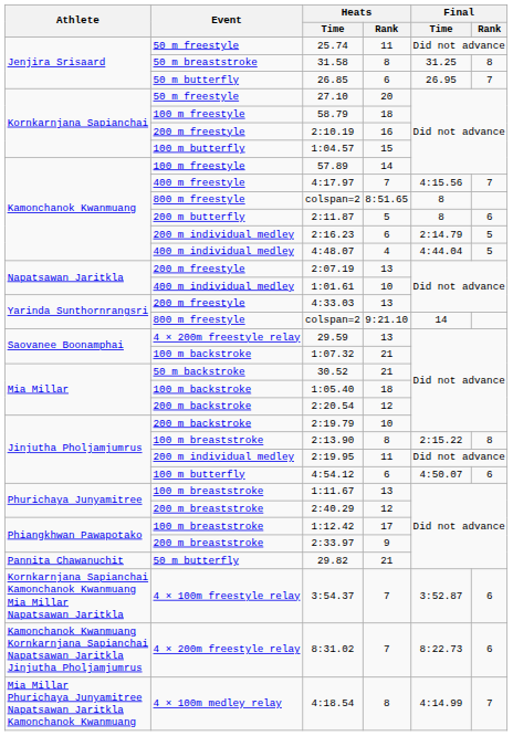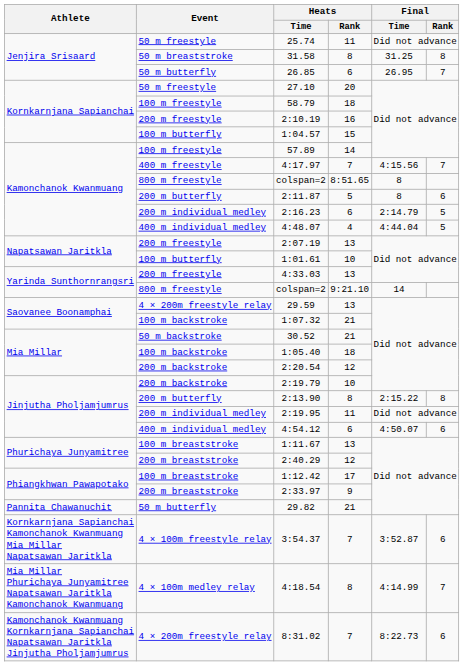 <table class="wikitable" style="font-size:90%;text-align:center">
 <tr>
 <th rowspan="2">Athlete</th>
 <th rowspan="2">Event</th>
 <th colspan="2">Heats</th>
 <th colspan="2">Final</th>
 </tr>
 <tr style="font-size:95%">
 <th>Time</th>
 <th>Rank</th>
 <th>Time</th>
 <th>Rank</th>
 </tr>
 <tr>
 <td align="left" rowspan=3><a href='#'>Jenjira Srisaard</a></td>
 <td align="left"><a href='#'>50 m freestyle</a></td>
 <td>25.74</td>
 <td>11</td>
 <td colspan=2>Did not advance</td>
 </tr>
 <tr>
 <td align="left"><a href='#'>50 m breaststroke</a></td>
 <td>31.58</td>
 <td>8  <strong></strong></td>
 <td>31.25</td>
 <td>8</td>
 </tr>
 <tr>
 <td align="left"><a href='#'>50 m butterfly</a></td>
 <td>26.85</td>
 <td>6  <strong></strong></td>
 <td>26.95</td>
 <td>7</td>
 </tr>
 <tr>
 <td align="left" rowspan=4><a href='#'>Kornkarnjana Sapianchai</a></td>
 <td align="left"><a href='#'>50 m freestyle</a></td>
 <td>27.10</td>
 <td>20</td>
 <td rowspan=5 colspan=2>Did not advance</td>
 </tr>
 <tr>
 <td align="left"><a href='#'>100 m freestyle</a></td>
 <td>58.79</td>
 <td>18</td>
 </tr>
 <tr>
 <td align="left"><a href='#'>200 m freestyle</a></td>
 <td>2:10.19</td>
 <td>16</td>
 </tr>
 <tr>
 <td align="left"><a href='#'>100 m butterfly</a></td>
 <td>1:04.57</td>
 <td>15</td>
 </tr>
 <tr>
 <td align="left" rowspan=6><a href='#'>Kamonchanok Kwanmuang</a></td>
 <td align="left"><a href='#'>100 m freestyle</a></td>
 <td>57.89</td>
 <td>14</td>
 </tr>
 <tr>
 <td align="left"><a href='#'>400 m freestyle</a></td>
 <td>4:17.97</td>
 <td>7 <strong></strong></td>
 <td>4:15.56</td>
 <td>7</td>
 </tr>
 <tr>
 <td align="left"><a href='#'>800 m freestyle</a></td>
 <td>colspan=2 </td>
 <td>8:51.65</td>
 <td>8</td>
 </tr>
 <tr>
 <td align="left"><a href='#'>200 m butterfly</a></td>
 <td>2:11.87</td>
 <td>5 <strong></strong></td>
 <td>8</td>
 <td>6</td>
 </tr>
 <tr>
 <td align="left"><a href='#'>200 m individual medley</a></td>
 <td>2:16.23</td>
 <td>6 <strong></strong></td>
 <td>2:14.79</td>
 <td>5</td>
 </tr>
 <tr>
 <td align="left"><a href='#'>400 m individual medley</a></td>
 <td>4:48.07</td>
 <td>4 <strong></strong></td>
 <td>4:44.04</td>
 <td>5</td>
 </tr>
 <tr>
 <td align="left" rowspan=2><a href='#'>Napatsawan Jaritkla</a></td>
 <td align="left"><a href='#'>200 m freestyle</a></td>
 <td>2:07.19</td>
 <td>13</td>
 <td rowspan=3 colspan=2>Did not advance</td>
 </tr>
 <tr>
-<td align="left"><a href='#'>400 m individual medley</a></td>
+<td align="left"><a href='#'>100 m butterfly</a></td>
 <td>1:01.61</td>
 <td>10</td>
 </tr>
 <tr>
 <td align="left" rowspan=2><a href='#'>Yarinda Sunthornrangsri</a></td>
 <td align="left"><a href='#'>200 m freestyle</a></td>
 <td>4:33.03</td>
 <td>13</td>
 </tr>
 <tr>
 <td align="left"><a href='#'>800 m freestyle</a></td>
 <td>colspan=2 </td>
 <td>9:21.10</td>
 <td>14</td>
 </tr>
 <tr>
 <td align="left" rowspan=2><a href='#'>Saovanee Boonamphai</a></td>
 <td align="left"><a href='#'>4 × 200m freestyle relay</a></td>
 <td>29.59</td>
 <td>13</td>
 <td rowspan=6 colspan=2>Did not advance</td>
 </tr>
 <tr>
 <td align="left"><a href='#'>100 m backstroke</a></td>
 <td>1:07.32</td>
 <td>21</td>
 </tr>
 <tr>
 <td align="left" rowspan=3><a href='#'>Mia Millar</a></td>
 <td align="left"><a href='#'>50 m backstroke</a></td>
 <td>30.52</td>
 <td>21</td>
 </tr>
 <tr>
 <td align="left"><a href='#'>100 m backstroke</a></td>
 <td>1:05.40</td>
 <td>18</td>
 </tr>
 <tr>
 <td align="left"><a href='#'>200 m backstroke</a></td>
 <td>2:20.54</td>
 <td>12</td>
 </tr>
 <tr>
 <td align="left" rowspan=4><a href='#'>Jinjutha Pholjamjumrus</a></td>
 <td align="left"><a href='#'>200 m backstroke</a></td>
 <td>2:19.79</td>
 <td>10</td>
 </tr>
 <tr>
-<td align="left"><a href='#'>100 m breaststroke</a></td>
+<td align="left"><a href='#'>200 m butterfly</a></td>
 <td>2:13.90</td>
 <td>8 <strong></strong></td>
 <td>2:15.22</td>
 <td>8</td>
 </tr>
 <tr>
 <td align="left"><a href='#'>200 m individual medley</a></td>
 <td>2:19.95</td>
 <td>11</td>
 <td colspan=2>Did not advance</td>
 </tr>
 <tr>
-<td align="left"><a href='#'>100 m butterfly</a></td>
+<td align="left"><a href='#'>400 m individual medley</a></td>
 <td>4:54.12</td>
 <td>6 <strong></strong></td>
 <td>4:50.07</td>
 <td>6</td>
 </tr>
 <tr>
 <td align="left" rowspan=2><a href='#'>Phurichaya Junyamitree</a></td>
 <td align="left"><a href='#'>100 m breaststroke</a></td>
 <td>1:11.67</td>
 <td>13</td>
 <td rowspan=5 colspan=2>Did not advance</td>
 </tr>
 <tr>
 <td align="left"><a href='#'>200 m breaststroke</a></td>
 <td>2:40.29</td>
 <td>12</td>
 </tr>
 <tr>
 <td align="left" rowspan=2><a href='#'>Phiangkhwan Pawapotako</a></td>
 <td align="left"><a href='#'>100 m breaststroke</a></td>
 <td>1:12.42</td>
 <td>17</td>
 </tr>
 <tr>
 <td align="left"><a href='#'>200 m breaststroke</a></td>
 <td>2:33.97</td>
 <td>9</td>
 </tr>
 <tr>
 <td align="left"><a href='#'>Pannita Chawanuchit</a></td>
 <td align="left"><a href='#'>50 m butterfly</a></td>
 <td>29.82</td>
 <td>21</td>
 </tr>
 <tr>
 <td align="left"><a href='#'>Kornkarnjana Sapianchai</a><br><a href='#'>Kamonchanok Kwanmuang</a><br><a href='#'>Mia Millar</a><br><a href='#'>Napatsawan Jaritkla</a></td>
 <td align="left"><a href='#'>4 × 100m freestyle relay</a></td>
 <td>3:54.37</td>
 <td>7 <strong></strong></td>
 <td>3:52.87</td>
 <td>6</td>
 </tr>
 <tr>
+<td align="left"><a href='#'>Mia Millar</a><br><a href='#'>Phurichaya Junyamitree</a><br><a href='#'>Napatsawan Jaritkla</a><br><a href='#'>Kamonchanok Kwanmuang</a></td>
+<td align="left"><a href='#'>4 × 100m medley relay</a></td>
+<td>4:18.54</td>
+<td>8 <strong></strong></td>
+<td>4:14.99</td>
+<td>7</td>
+</tr>
+<tr>
 <td align="left"><a href='#'>Kamonchanok Kwanmuang</a><br><a href='#'>Kornkarnjana Sapianchai</a><br><a href='#'>Napatsawan Jaritkla</a><br><a href='#'>Jinjutha Pholjamjumrus</a></td>
 <td align="left"><a href='#'>4 × 200m freestyle relay</a></td>
 <td>8:31.02</td>
 <td>7 <strong></strong></td>
 <td>8:22.73</td>
 <td>6</td>
 </tr>
-<tr>
-<td align="left"><a href='#'>Mia Millar</a><br><a href='#'>Phurichaya Junyamitree</a><br><a href='#'>Napatsawan Jaritkla</a><br><a href='#'>Kamonchanok Kwanmuang</a></td>
-<td align="left"><a href='#'>4 × 100m medley relay</a></td>
-<td>4:18.54</td>
-<td>8 <strong></strong></td>
-<td>4:14.99</td>
-<td>7</td>
-</tr>
 </table>
